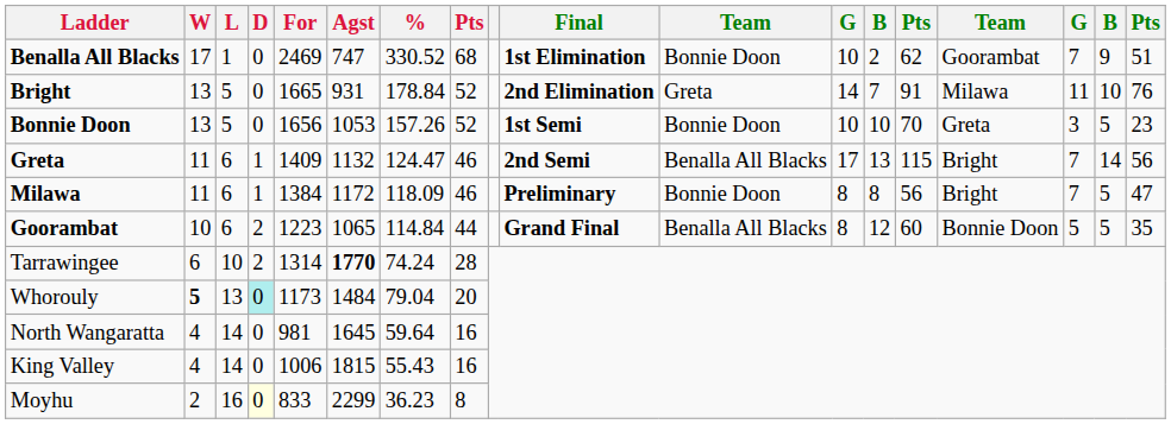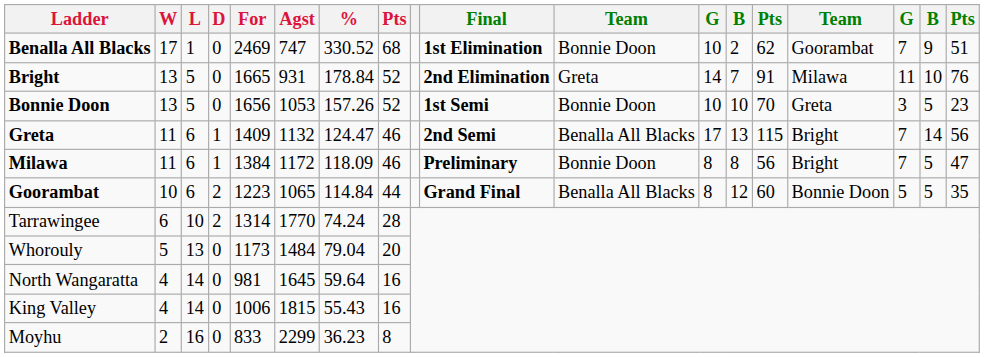 <table class="wikitable">
 <tr>
 <th style="color:crimson">Ladder</th>
 <th style="color:crimson">W</th>
 <th style="color:crimson">L</th>
 <th style="color:crimson">D</th>
 <th style="color:crimson">For</th>
 <th style="color:crimson">Agst</th>
 <th style="color:crimson">%</th>
 <th style="color:crimson">Pts</th>
 <th></th>
 <th style="color:green">Final</th>
 <th style="color:green">Team</th>
 <th style="color:green">G</th>
 <th style="color:green">B</th>
 <th style="color:green">Pts</th>
 <th style="color:green">Team</th>
 <th style="color:green">G</th>
 <th style="color:green">B</th>
 <th style="color:green">Pts</th>
 </tr>
 <tr>
 <td><strong>Benalla All Blacks</strong></td>
 <td>17</td>
 <td>1</td>
 <td>0</td>
 <td>2469</td>
 <td>747</td>
 <td>330.52</td>
 <td>68</td>
 <td></td>
 <td><strong>1st Elimination</strong></td>
 <td>Bonnie Doon</td>
 <td>10</td>
 <td>2</td>
 <td>62</td>
 <td>Goorambat</td>
 <td>7</td>
 <td>9</td>
 <td>51</td>
 </tr>
 <tr>
 <td><strong>Bright</strong></td>
 <td>13</td>
 <td>5</td>
 <td>0</td>
 <td>1665</td>
 <td>931</td>
 <td>178.84</td>
 <td>52</td>
 <td></td>
 <td><strong>2nd Elimination</strong></td>
 <td>Greta</td>
 <td>14</td>
 <td>7</td>
 <td>91</td>
 <td>Milawa</td>
 <td>11</td>
 <td>10</td>
 <td>76</td>
 </tr>
 <tr>
 <td><strong>Bonnie Doon</strong></td>
 <td>13</td>
 <td>5</td>
 <td>0</td>
 <td>1656</td>
 <td>1053</td>
 <td>157.26</td>
 <td>52</td>
 <td></td>
 <td><strong>1st Semi</strong></td>
 <td>Bonnie Doon</td>
 <td>10</td>
 <td>10</td>
 <td>70</td>
 <td>Greta</td>
 <td>3</td>
 <td>5</td>
 <td>23</td>
 </tr>
 <tr>
 <td><strong>Greta</strong></td>
 <td>11</td>
 <td>6</td>
 <td>1</td>
 <td>1409</td>
 <td>1132</td>
 <td>124.47</td>
 <td>46</td>
 <td></td>
 <td><strong>2nd Semi</strong></td>
 <td>Benalla All Blacks</td>
 <td>17</td>
 <td>13</td>
 <td>115</td>
 <td>Bright</td>
 <td>7</td>
 <td>14</td>
 <td>56</td>
 </tr>
 <tr>
 <td><strong>Milawa</strong></td>
 <td>11</td>
 <td>6</td>
 <td>1</td>
 <td>1384</td>
 <td>1172</td>
 <td>118.09</td>
 <td>46</td>
 <td></td>
 <td><strong>Preliminary</strong></td>
 <td>Bonnie Doon</td>
 <td>8</td>
 <td>8</td>
 <td>56</td>
 <td>Bright</td>
 <td>7</td>
 <td>5</td>
 <td>47</td>
 </tr>
 <tr>
 <td><strong>Goorambat</strong></td>
 <td>10</td>
 <td>6</td>
 <td>2</td>
 <td>1223</td>
 <td>1065</td>
 <td>114.84</td>
 <td>44</td>
 <td></td>
 <td><strong>Grand Final</strong></td>
 <td>Benalla All Blacks</td>
 <td>8</td>
 <td>12</td>
 <td>60</td>
 <td>Bonnie Doon</td>
 <td>5</td>
 <td>5</td>
 <td>35</td>
 </tr>
 <tr>
 <td>Tarrawingee</td>
 <td>6</td>
 <td>10</td>
 <td>2</td>
 <td>1314</td>
-<td><strong>1770</strong></td>
+<td>1770</td>
 <td>74.24</td>
 <td>28</td>
 </tr>
 <tr>
 <td>Whorouly</td>
-<td><strong>5</strong></td>
+<td>5</td>
 <td>13</td>
-<td style="background: paleturquoise;">0</td>
+<td>0</td>
 <td>1173</td>
 <td>1484</td>
 <td>79.04</td>
 <td>20</td>
 </tr>
 <tr>
 <td>North Wangaratta</td>
 <td>4</td>
 <td>14</td>
 <td>0</td>
 <td>981</td>
 <td>1645</td>
 <td>59.64</td>
 <td>16</td>
 </tr>
 <tr>
 <td>King Valley</td>
 <td>4</td>
 <td>14</td>
 <td>0</td>
 <td>1006</td>
 <td>1815</td>
 <td>55.43</td>
 <td>16</td>
 </tr>
 <tr>
 <td>Moyhu</td>
 <td>2</td>
 <td>16</td>
-<td style="background: lightyellow;">0</td>
+<td>0</td>
 <td>833</td>
 <td>2299</td>
 <td>36.23</td>
 <td>8</td>
 </tr>
 </table>
